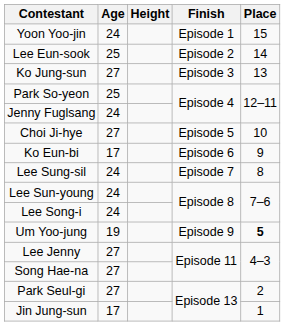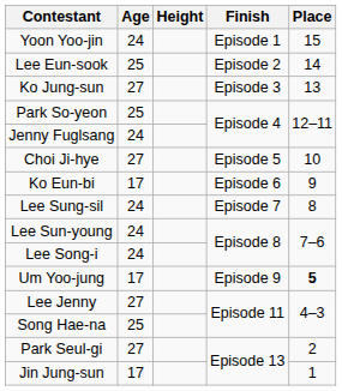 <table class="wikitable sortable" style="text-align:center;">
 <tr>
 <th>Contestant</th>
 <th>Age</th>
 <th>Height</th>
 <th>Finish</th>
 <th>Place</th>
 </tr>
 <tr>
 <td>Yoon Yoo-jin</td>
 <td>24</td>
 <td></td>
 <td>Episode 1</td>
 <td>15</td>
 </tr>
 <tr>
 <td>Lee Eun-sook</td>
 <td>25</td>
 <td></td>
 <td>Episode 2</td>
 <td>14</td>
 </tr>
 <tr>
 <td>Ko Jung-sun</td>
 <td>27</td>
 <td></td>
 <td>Episode 3</td>
 <td>13</td>
 </tr>
 <tr>
 <td>Park So-yeon</td>
 <td>25</td>
 <td></td>
 <td rowspan="2">Episode 4</td>
 <td rowspan="2">12–11</td>
 </tr>
 <tr>
 <td>Jenny Fuglsang</td>
 <td>24</td>
 <td></td>
 </tr>
 <tr>
 <td>Choi Ji-hye</td>
 <td>27</td>
 <td></td>
 <td>Episode 5</td>
 <td>10</td>
 </tr>
 <tr>
 <td>Ko Eun-bi</td>
 <td>17</td>
 <td></td>
 <td>Episode 6</td>
 <td>9</td>
 </tr>
 <tr>
 <td>Lee Sung-sil</td>
 <td>24</td>
 <td></td>
 <td>Episode 7</td>
 <td>8</td>
 </tr>
 <tr>
 <td>Lee Sun-young</td>
 <td>24</td>
 <td></td>
 <td rowspan="2">Episode 8</td>
 <td rowspan="2">7–6</td>
 </tr>
 <tr>
 <td>Lee Song-i</td>
 <td>24</td>
 <td></td>
 </tr>
 <tr>
 <td>Um Yoo-jung</td>
-<td>19</td>
+<td>17</td>
 <td></td>
 <td>Episode 9</td>
 <td><strong>5</strong></td>
 </tr>
 <tr>
 <td>Lee Jenny</td>
 <td>27</td>
 <td></td>
 <td rowspan=2>Episode 11</td>
 <td rowspan="2">4–3</td>
 </tr>
 <tr>
 <td>Song Hae-na</td>
-<td>27</td>
+<td>25</td>
 <td></td>
 </tr>
 <tr>
 <td>Park Seul-gi</td>
 <td>27</td>
 <td></td>
 <td rowspan="2">Episode 13</td>
 <td>2</td>
 </tr>
 <tr>
 <td>Jin Jung-sun</td>
 <td>17</td>
 <td></td>
 <td>1</td>
 </tr>
 </table>
